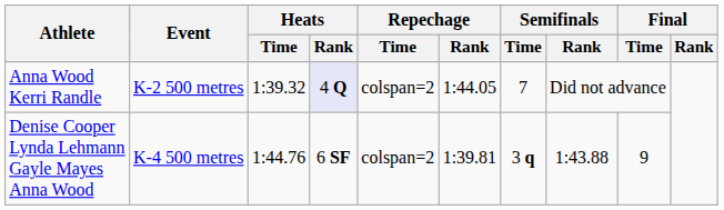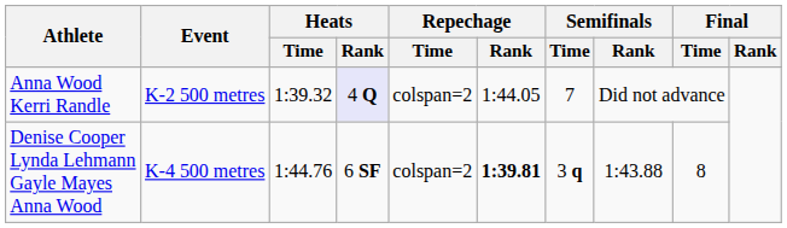 <table class=wikitable style="font-size:90%">
 <tr>
 <th rowspan="2">Athlete</th>
 <th rowspan="2">Event</th>
 <th colspan=2>Heats</th>
 <th colspan=2>Repechage</th>
 <th colspan=2>Semifinals</th>
 <th colspan=2>Final</th>
 </tr>
 <tr style="font-size:95%">
 <th>Time</th>
 <th>Rank</th>
 <th>Time</th>
 <th>Rank</th>
 <th>Time</th>
 <th>Rank</th>
 <th>Time</th>
 <th>Rank</th>
 </tr>
 <tr align=center>
 <td align=left><a href='#'>Anna Wood</a><br><a href='#'>Kerri Randle</a></td>
 <td align=left><a href='#'>K-2 500 metres</a></td>
 <td>1:39.32</td>
 <td style="background: lavender;">4 <strong>Q</strong></td>
 <td>colspan=2</td>
 <td>1:44.05</td>
 <td>7</td>
 <td colspan=2>Did not advance</td>
 </tr>
 <tr align=center>
 <td align=left><a href='#'>Denise Cooper</a><br><a href='#'>Lynda Lehmann</a><br><a href='#'>Gayle Mayes</a><br><a href='#'>Anna Wood</a></td>
 <td align=left><a href='#'>K-4 500 metres</a></td>
 <td>1:44.76</td>
 <td>6 <strong>SF</strong></td>
 <td>colspan=2</td>
-<td>1:39.81</td>
+<td><strong>1:39.81</strong></td>
 <td>3 <strong>q</strong></td>
 <td>1:43.88</td>
-<td>9</td>
+<td>8</td>
 </tr>
 </table>
